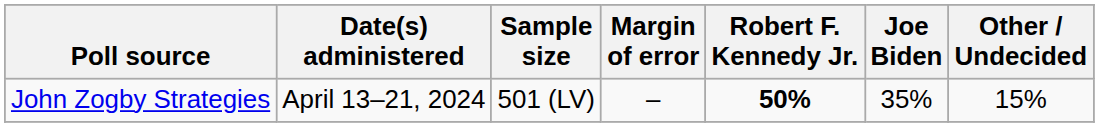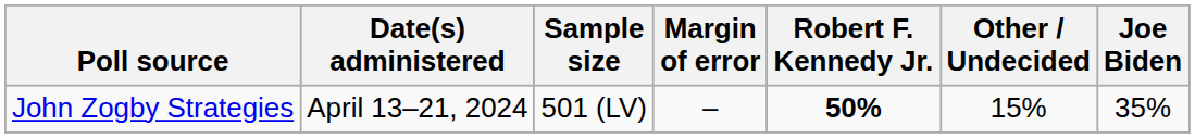 <table class="wikitable sortable mw-datatable" style="font-size:90%;text-align:center;line-height:17px">
 <tr valign=bottom>
 <th>Poll source</th>
 <th>Date(s)<br>administered</th>
 <th>Sample<br>size</th>
 <th>Margin<br>of error</th>
 <th class="unsortable">Robert F.<br>Kennedy Jr.<br></th>
+<th class="unsortable">Other /<br>Undecided</th>
 <th class="unsortable">Joe<br>Biden<br></th>
-<th class="unsortable">Other /<br>Undecided</th>
 </tr>
 <tr>
 <td style="text-align:left;"><a href='#'>John Zogby Strategies</a></td>
 <td data-sort-value="2024-05-01">April 13–21, 2024</td>
 <td>501 (LV)</td>
 <td>–</td>
 <td style="background-color:"><strong>50%</strong></td>
+<td>15%</td>
 <td>35%</td>
-<td>15%</td>
 </tr>
 </table>
